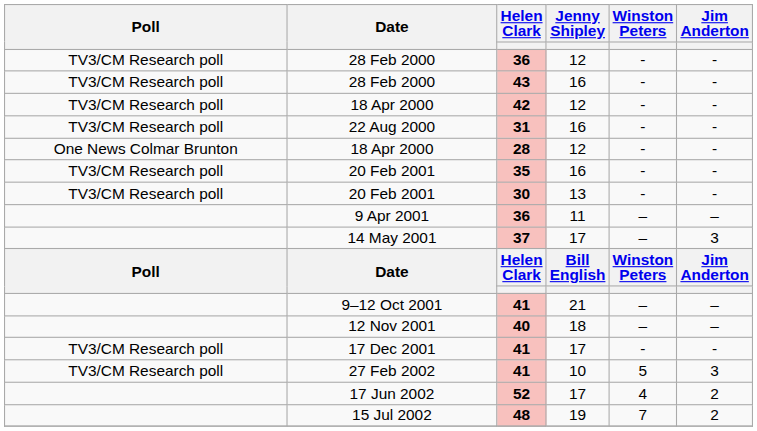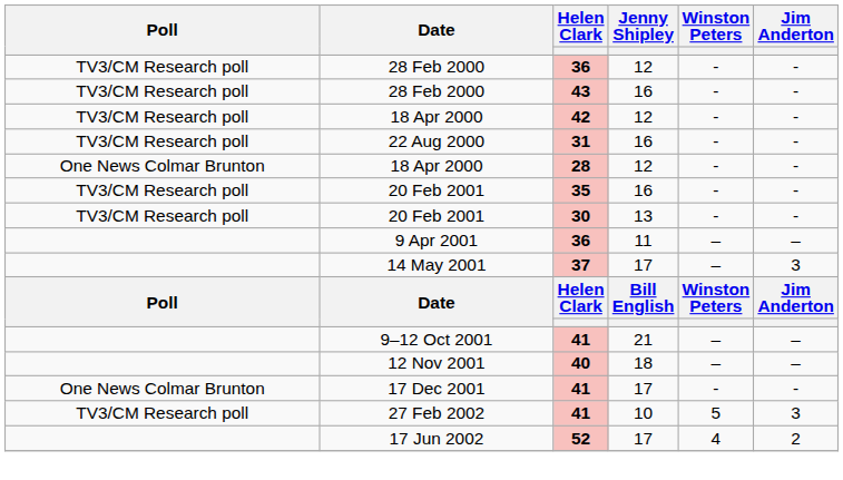 <table class="wikitable sortable" style="width:700px;font-size:90%;line-height:14px;text-align:center;">
 <tr>
 <th style="width:270px;" rowspan="2">Poll</th>
 <th style="width:200px;" rowspan="2">Date</th>
 <th><a href='#'>Helen Clark</a></th>
 <th><a href='#'>Jenny Shipley</a></th>
 <th><a href='#'>Winston Peters</a></th>
 <th><a href='#'>Jim Anderton</a></th>
 </tr>
 <tr>
 <th class="unsortable" style="color:inherit;background:"></th>
 <th class="unsortable" style="color:inherit;background:"></th>
 <th class="unsortable" style="color:inherit;background:"></th>
 <th class="unsortable" style="color:inherit;background:"></th>
 </tr>
 <tr>
 <td>TV3/CM Research poll</td>
 <td data-sort-value="2000-02-28">28 Feb 2000</td>
 <td style="background:#F8C1BE"><strong>36</strong></td>
 <td>12</td>
 <td>-</td>
 <td>-</td>
 </tr>
 <tr>
 <td>TV3/CM Research poll</td>
 <td data-sort-value="2000-02-28">28 Feb 2000</td>
 <td style="background:#F8C1BE"><strong>43</strong></td>
 <td>16</td>
 <td>-</td>
 <td>-</td>
 </tr>
 <tr>
 <td>TV3/CM Research poll</td>
 <td data-sort-value="2000-04-18">18 Apr 2000</td>
 <td style="background:#F8C1BE"><strong>42</strong></td>
 <td>12</td>
 <td>-</td>
 <td>-</td>
 </tr>
 <tr>
 <td>TV3/CM Research poll</td>
 <td data-sort-value="2000-08-22">22 Aug 2000</td>
 <td style="background:#F8C1BE"><strong>31</strong></td>
 <td>16</td>
 <td>-</td>
 <td>-</td>
 </tr>
 <tr>
 <td>One News Colmar Brunton</td>
 <td data-sort-value="2000-02-28">18 Apr 2000</td>
 <td style="background:#F8C1BE"><strong>28</strong></td>
 <td>12</td>
 <td>-</td>
 <td>-</td>
 </tr>
 <tr>
 <td>TV3/CM Research poll</td>
 <td data-sort-value="2001-02-20">20 Feb 2001</td>
 <td style="background:#F8C1BE"><strong>35</strong></td>
 <td>16</td>
 <td>-</td>
 <td>-</td>
 </tr>
 <tr>
 <td>TV3/CM Research poll</td>
 <td data-sort-value="2001-02-20">20 Feb 2001</td>
 <td style="background:#F8C1BE"><strong>30</strong></td>
 <td>13</td>
 <td>-</td>
 <td>-</td>
 </tr>
 <tr>
 <td></td>
 <td data-sort-value="2001-04-09">9 Apr 2001</td>
 <td style="background:#F8C1BE"><strong>36</strong></td>
 <td>11</td>
 <td>–</td>
 <td>–</td>
 </tr>
 <tr>
 <td></td>
 <td data-sort-value="2001-05-14">14 May 2001</td>
 <td style="background:#F8C1BE"><strong>37</strong></td>
 <td>17</td>
 <td>–</td>
 <td>3</td>
 </tr>
 <tr>
 <th style="width:270px;" rowspan="2">Poll</th>
 <th style="width:200px;" rowspan="2">Date</th>
 <th><a href='#'>Helen Clark</a></th>
 <th><a href='#'>Bill English</a></th>
 <th><a href='#'>Winston Peters</a></th>
 <th><a href='#'>Jim Anderton</a></th>
 </tr>
 <tr>
 <th class="unsortable" style="color:inherit;background:"></th>
 <th class="unsortable" style="color:inherit;background:"></th>
 <th class="unsortable" style="color:inherit;background:"></th>
 <th class="unsortable" style="color:inherit;background:"></th>
 </tr>
 <tr>
 <td></td>
 <td data-sort-value="2001-10-09">9–12 Oct 2001</td>
 <td style="background:#F8C1BE"><strong>41</strong></td>
 <td>21</td>
 <td>–</td>
 <td>–</td>
 </tr>
 <tr>
 <td></td>
 <td data-sort-value="2001-11-12">12 Nov 2001</td>
 <td style="background:#F8C1BE"><strong>40</strong></td>
 <td>18</td>
 <td>–</td>
 <td>–</td>
 </tr>
 <tr>
-<td>TV3/CM Research poll</td>
+<td>One News Colmar Brunton</td>
 <td data-sort-value="2001-12-17">17 Dec 2001</td>
 <td style="background:#F8C1BE"><strong>41</strong></td>
 <td>17</td>
 <td>-</td>
 <td>-</td>
 </tr>
 <tr>
 <td>TV3/CM Research poll</td>
 <td data-sort-value="2002-02-27">27 Feb 2002</td>
 <td style="background:#F8C1BE"><strong>41</strong></td>
 <td>10</td>
 <td>5</td>
 <td>3</td>
 </tr>
 <tr>
 <td></td>
 <td data-sort-value="2002-06-17">17 Jun 2002</td>
 <td style="background:#F8C1BE"><strong>52</strong></td>
 <td>17</td>
 <td>4</td>
 <td>2</td>
 </tr>
 <tr>
-<td></td>
-<td data-sort-value="2002-07-15">15 Jul 2002</td>
-<td style="background:#F8C1BE"><strong>48</strong></td>
-<td>19</td>
-<td>7</td>
-<td>2</td>
-</tr>
-<tr>
 </tr>
 </table>
